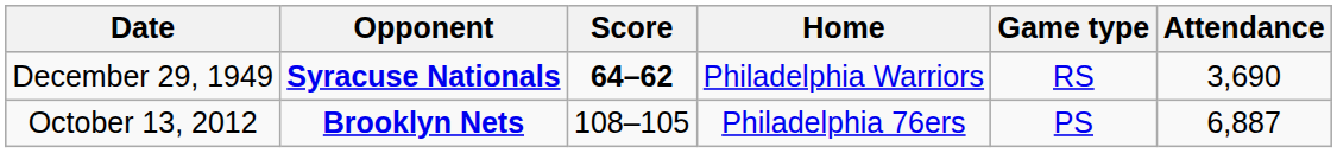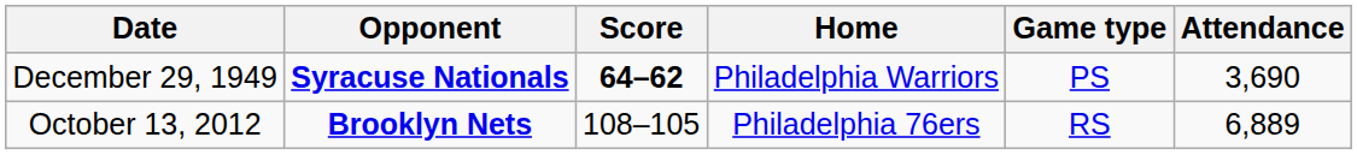 <table class="wikitable">
 <tr>
 <th>Date</th>
 <th>Opponent</th>
 <th>Score</th>
 <th>Home</th>
 <th>Game type</th>
 <th>Attendance</th>
 </tr>
 <tr align="center">
 <td>December 29, 1949</td>
 <td><strong><a href='#'>Syracuse Nationals</a></strong></td>
 <td><strong>64–62</strong></td>
 <td><a href='#'>Philadelphia Warriors</a></td>
-<td><a href='#'>RS</a></td>
+<td><a href='#'>PS</a></td>
 <td>3,690</td>
 </tr>
 <tr align="center">
 <td>October 13, 2012</td>
 <td><strong><a href='#'>Brooklyn Nets</a></strong></td>
 <td>108–105</td>
 <td><a href='#'>Philadelphia 76ers</a></td>
-<td><a href='#'>PS</a></td>
-<td>6,887</td>
+<td><a href='#'>RS</a></td>
+<td>6,889</td>
 </tr>
 </table>
